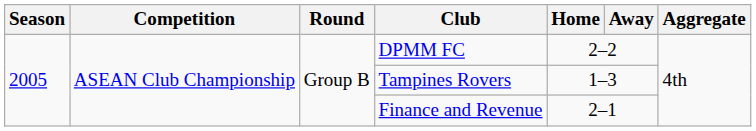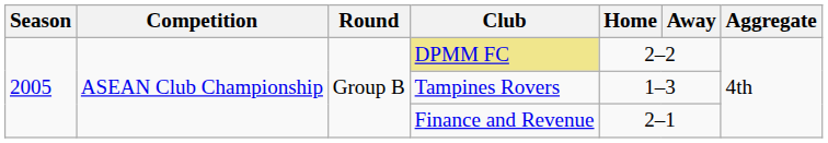 <table class="wikitable">
 <tr>
 <th>Season</th>
 <th>Competition</th>
 <th>Round</th>
 <th>Club</th>
 <th>Home</th>
 <th>Away</th>
 <th>Aggregate</th>
 </tr>
 <tr>
 <td rowspan="3"><a href='#'>2005</a></td>
 <td rowspan="3"><a href='#'>ASEAN Club Championship</a></td>
 <td rowspan="3">Group B</td>
-<td> <a href='#'>DPMM FC</a></td>
+<td style="background: khaki;"> <a href='#'>DPMM FC</a></td>
 <td colspan=2; style="text-align:center;">2–2</td>
 <td rowspan="3">4th</td>
 </tr>
 <tr>
 <td> <a href='#'>Tampines Rovers</a></td>
 <td colspan=2; style="text-align:center;">1–3</td>
 </tr>
 <tr>
 <td> <a href='#'>Finance and Revenue</a></td>
 <td colspan=2; style="text-align:center;">2–1</td>
 </tr>
 </table>
